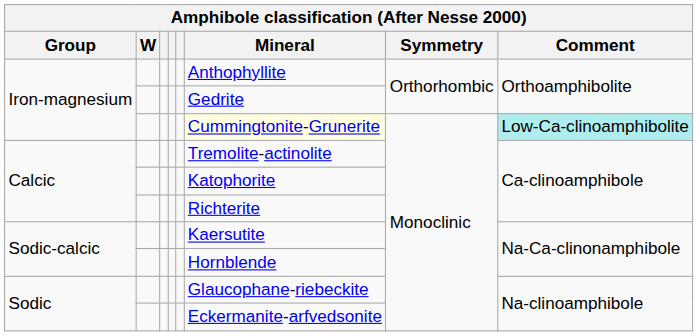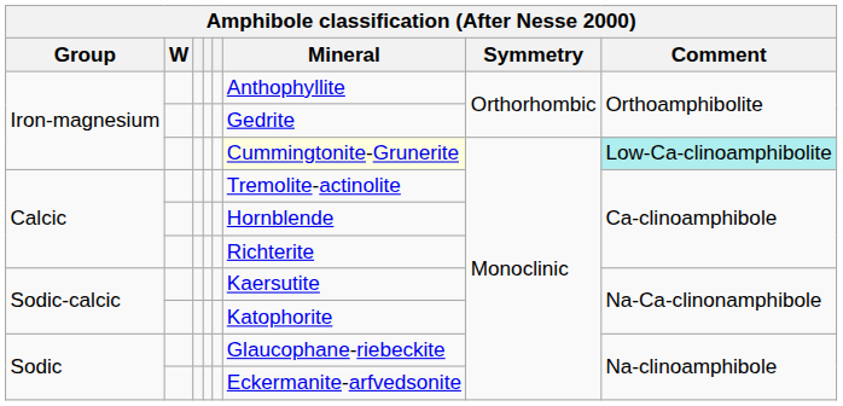 <table class="wikitable" style="text-align: left;">
 <tr>
 <th colspan=8>Amphibole classification (After Nesse 2000)</th>
 </tr>
 <tr>
 <th>Group</th>
 <th>W</th>
 <th></th>
 <th></th>
 <th></th>
 <th>Mineral</th>
 <th>Symmetry</th>
 <th>Comment</th>
 </tr>
 <tr>
 <td rowspan=3>Iron-magnesium</td>
 <td></td>
 <td></td>
 <td></td>
 <td></td>
 <td><a href='#'>Anthophyllite</a></td>
 <td rowspan=2>Orthorhombic</td>
 <td rowspan=2>Orthoamphibolite</td>
 </tr>
 <tr>
 <td></td>
 <td></td>
 <td></td>
 <td></td>
 <td><a href='#'>Gedrite</a></td>
 </tr>
 <tr>
 <td></td>
 <td></td>
 <td></td>
 <td></td>
 <td style="background: lightyellow;"><a href='#'>Cummingtonite</a>-<a href='#'>Grunerite</a></td>
 <td rowspan=8>Monoclinic</td>
 <td style="background: paleturquoise;">Low-Ca-clinoamphibolite</td>
 </tr>
 <tr>
 <td rowspan=3>Calcic</td>
 <td></td>
 <td></td>
 <td></td>
 <td></td>
 <td><a href='#'>Tremolite</a>-<a href='#'>actinolite</a></td>
 <td rowspan=3>Ca-clinoamphibole</td>
 </tr>
 <tr>
 <td></td>
 <td></td>
 <td></td>
 <td></td>
-<td><a href='#'>Katophorite</a></td>
+<td><a href='#'>Hornblende</a></td>
 </tr>
 <tr>
 <td></td>
 <td></td>
 <td></td>
 <td></td>
 <td><a href='#'>Richterite</a></td>
 </tr>
 <tr>
 <td rowspan=2>Sodic-calcic</td>
 <td></td>
 <td></td>
 <td></td>
 <td></td>
 <td><a href='#'>Kaersutite</a></td>
 <td rowspan=2>Na-Ca-clinonamphibole</td>
 </tr>
 <tr>
 <td></td>
 <td></td>
 <td></td>
 <td></td>
-<td><a href='#'>Hornblende</a></td>
+<td><a href='#'>Katophorite</a></td>
 </tr>
 <tr>
 <td rowspan=2>Sodic</td>
 <td></td>
 <td></td>
 <td></td>
 <td></td>
 <td><a href='#'>Glaucophane</a>-<a href='#'>riebeckite</a></td>
 <td rowspan=2>Na-clinoamphibole</td>
 </tr>
 <tr>
 <td></td>
 <td></td>
 <td></td>
 <td></td>
 <td><a href='#'>Eckermanite</a>-<a href='#'>arfvedsonite</a></td>
 </tr>
 </table>
